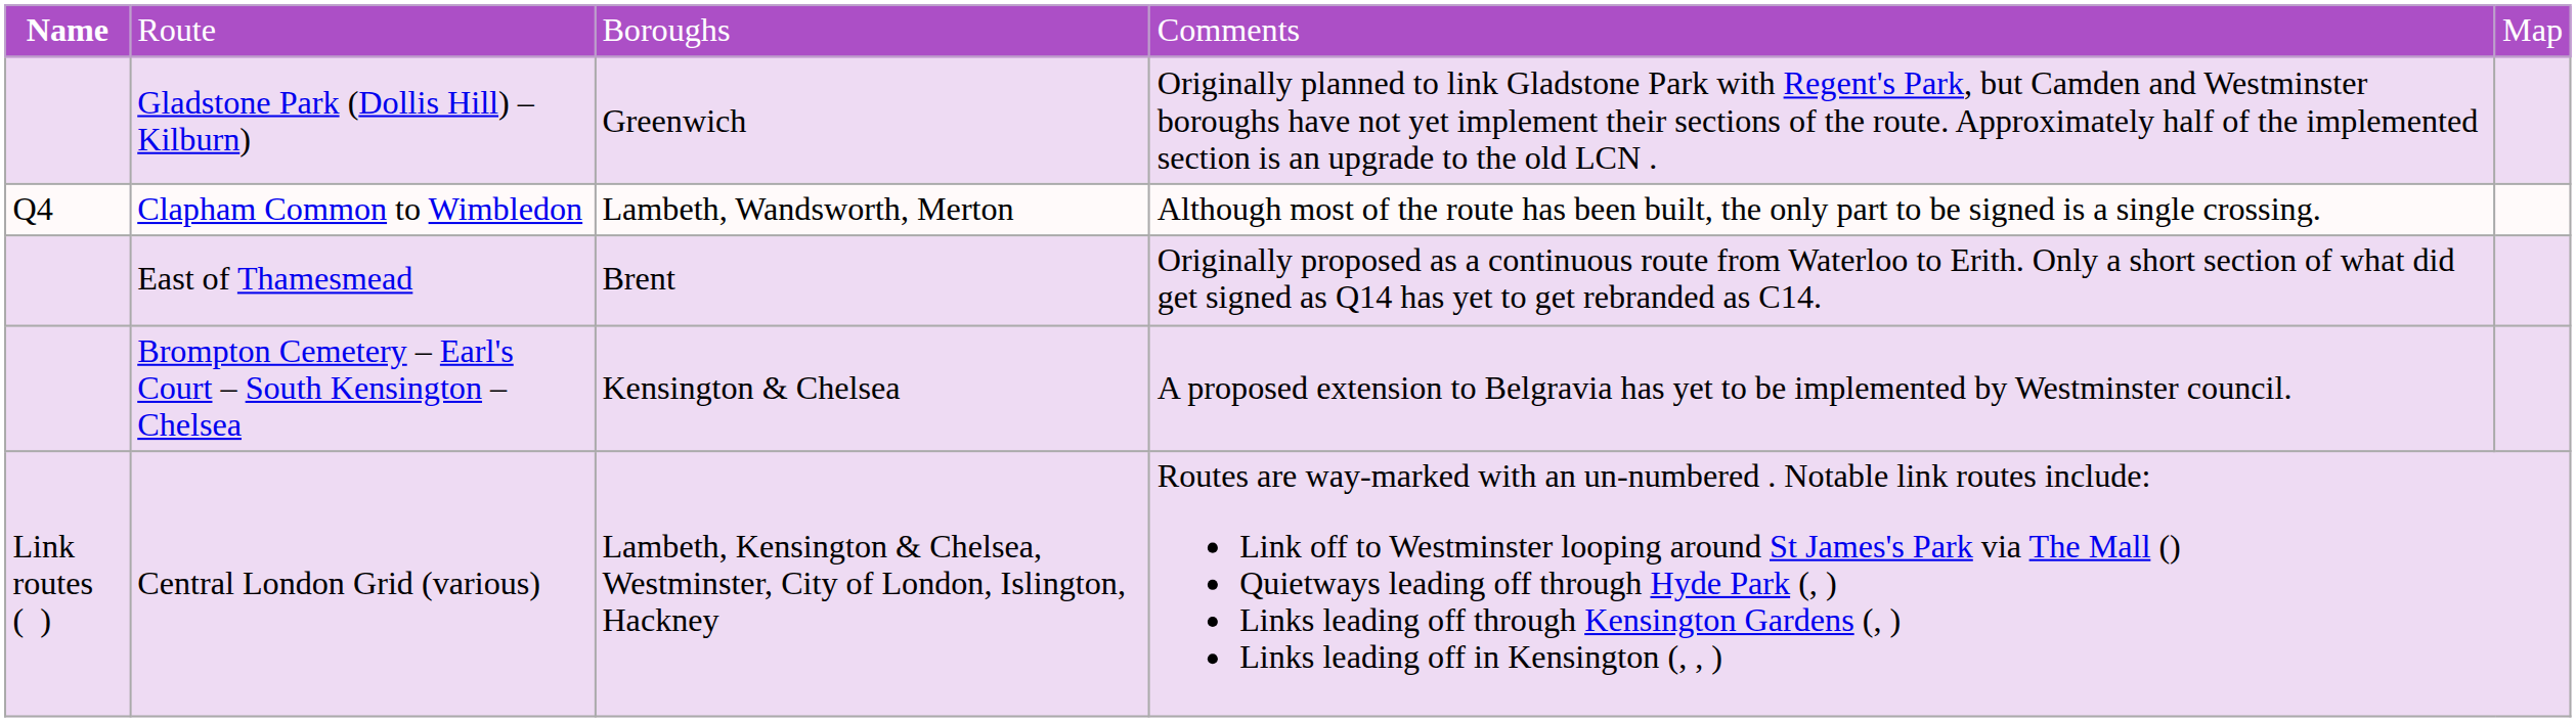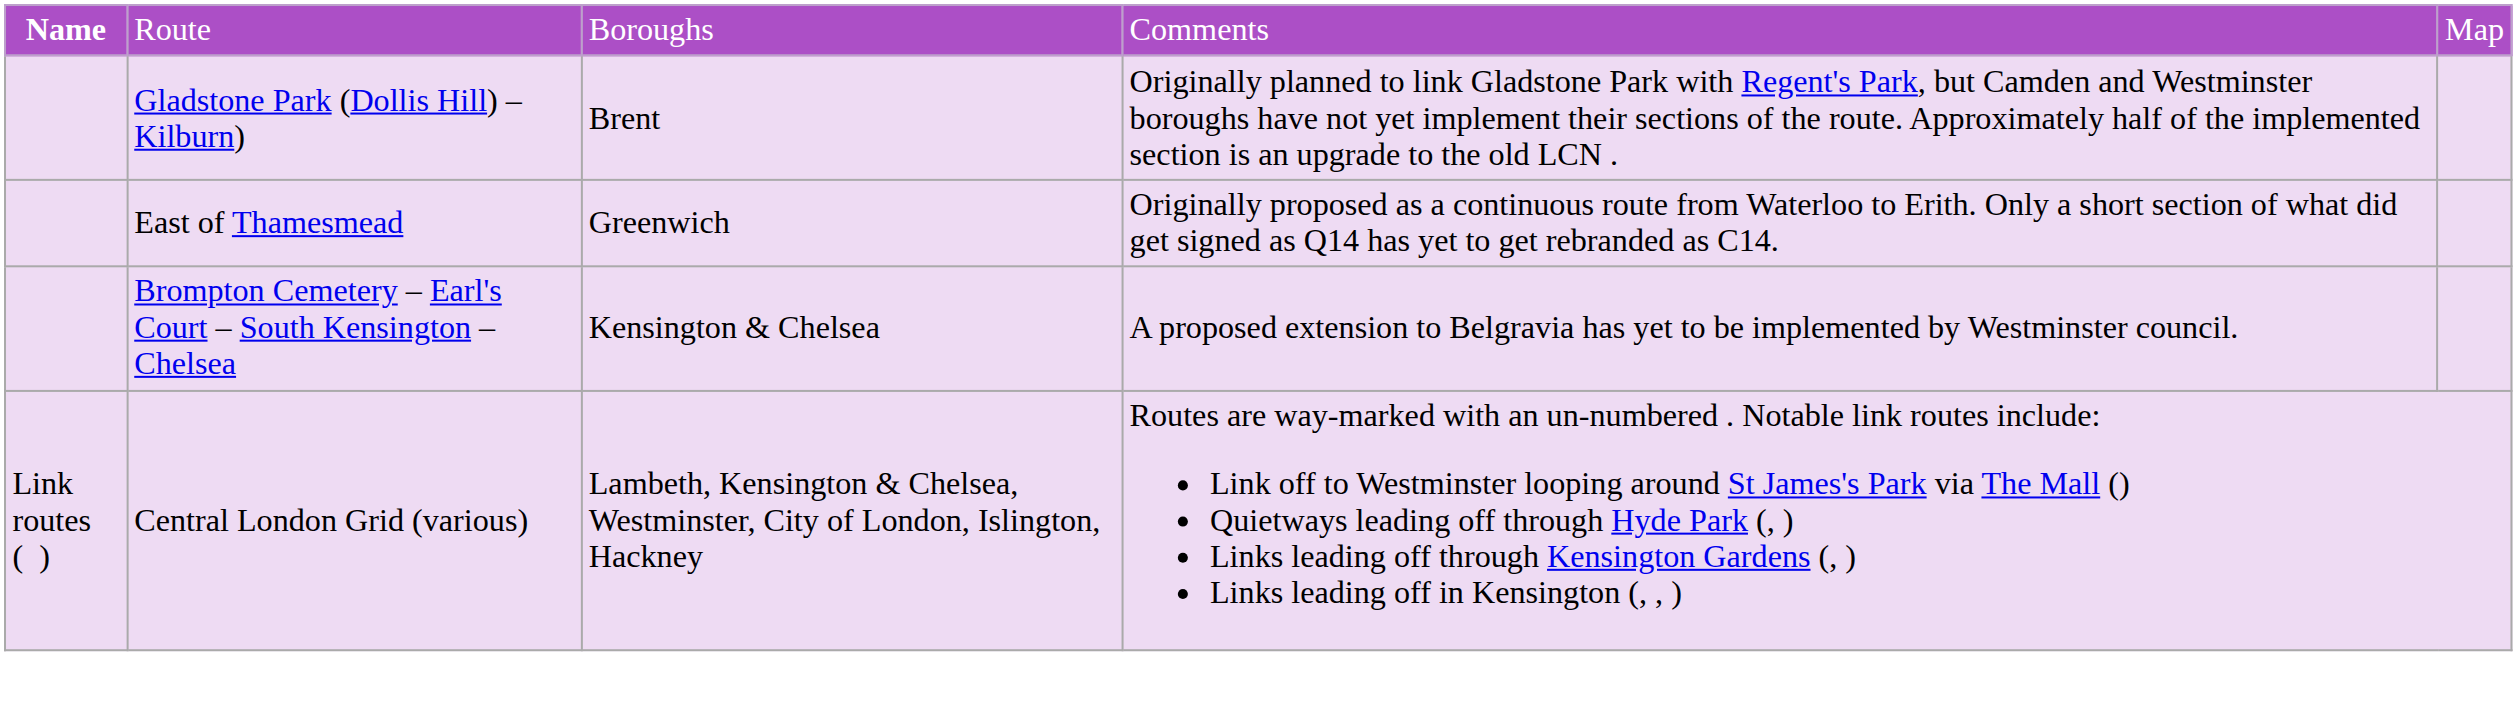 <table class="wikitable" style="background: #eedbf3; border-color: #BDA0CB;">
 <tr>
 <th style="color: #ffffff; background:#AC4FC6; border-color: #BDA0CB;">Name</th>
 <td style="color: #ffffff; background:#AC4FC6; border-color: #BDA0CB;">Route</td>
 <td style="color: #ffffff; background:#AC4FC6; border-color: #BDA0CB;">Boroughs</td>
 <td style="color: #ffffff; background:#AC4FC6; border-color: #BDA0CB;">Comments</td>
 <td style="color: #ffffff; background:#AC4FC6; border-color: #BDA0CB;">Map</td>
 </tr>
 <tr>
 <td></td>
 <td><a href='#'>Gladstone Park</a> (<a href='#'>Dollis Hill</a>) – <a href='#'>Kilburn</a>)</td>
-<td>Greenwich</td>
+<td>Brent</td>
 <td>Originally planned to link Gladstone Park with <a href='#'>Regent's Park</a>, but Camden and Westminster boroughs have not yet implement their sections of the route. Approximately half of the implemented section is an upgrade to the old LCN .</td>
 <td></td>
 </tr>
 <tr>
-<td style="background: #FFFAFA;">Q4</td>
-<td style="background: #FFFAFA;"><a href='#'>Clapham Common</a> to <a href='#'>Wimbledon</a></td>
-<td style="background: #FFFAFA;">Lambeth, Wandsworth, Merton</td>
-<td style="background: #FFFAFA;">Although most of the route has been built, the only part to be signed is a single crossing.</td>
-<td style="background: #FFFAFA;"></td>
-</tr>
-<tr>
 <td></td>
 <td>East of <a href='#'>Thamesmead</a></td>
-<td>Brent</td>
+<td>Greenwich</td>
 <td>Originally proposed as a continuous route from Waterloo to Erith. Only a short section of what did get signed as Q14 has yet to get rebranded as C14.</td>
 <td></td>
 </tr>
 <tr>
 <td></td>
 <td><a href='#'>Brompton Cemetery</a> – <a href='#'>Earl's Court</a> – <a href='#'>South Kensington</a> – <a href='#'>Chelsea</a></td>
 <td>Kensington & Chelsea</td>
 <td>A proposed extension to Belgravia has yet to be implemented by Westminster council.</td>
 <td></td>
 </tr>
 <tr>
 <td rowspan="2">Link routes <br>(  )</td>
 <td>Central London Grid (various)</td>
 <td>Lambeth, Kensington & Chelsea, Westminster, City of London, Islington, Hackney</td>
 <td colspan="2">Routes are way-marked with an un-numbered . Notable link routes include:<br><ul><li>Link off  to Westminster looping around <a href='#'>St James's Park</a> via <a href='#'>The Mall</a> ()</li><li>Quietways leading off  through <a href='#'>Hyde Park</a> (, )</li><li>Links leading off  through <a href='#'>Kensington Gardens</a> (, )</li><li>Links leading off  in Kensington (, , )</li></ul></td>
 </tr>
 </table>
